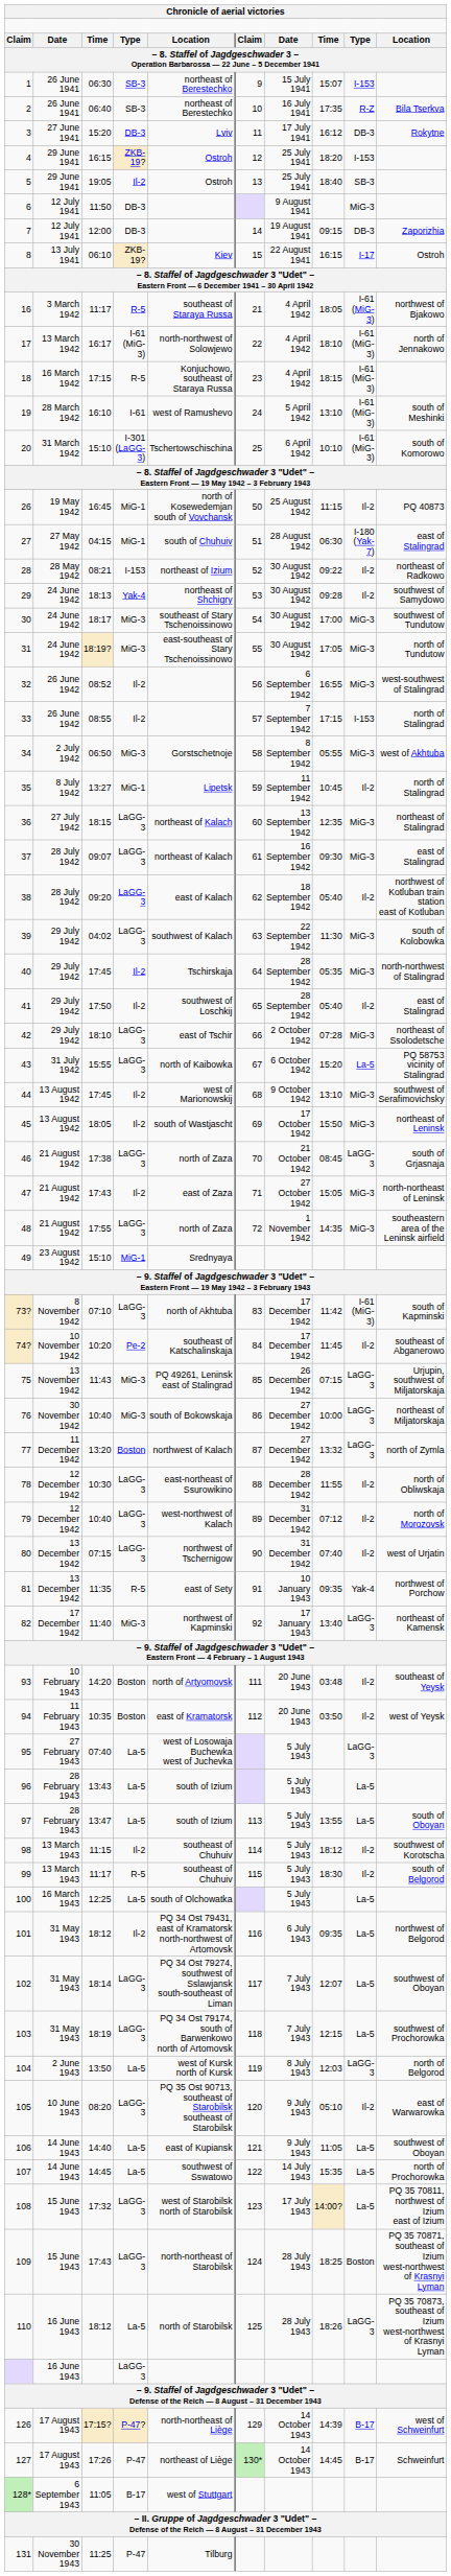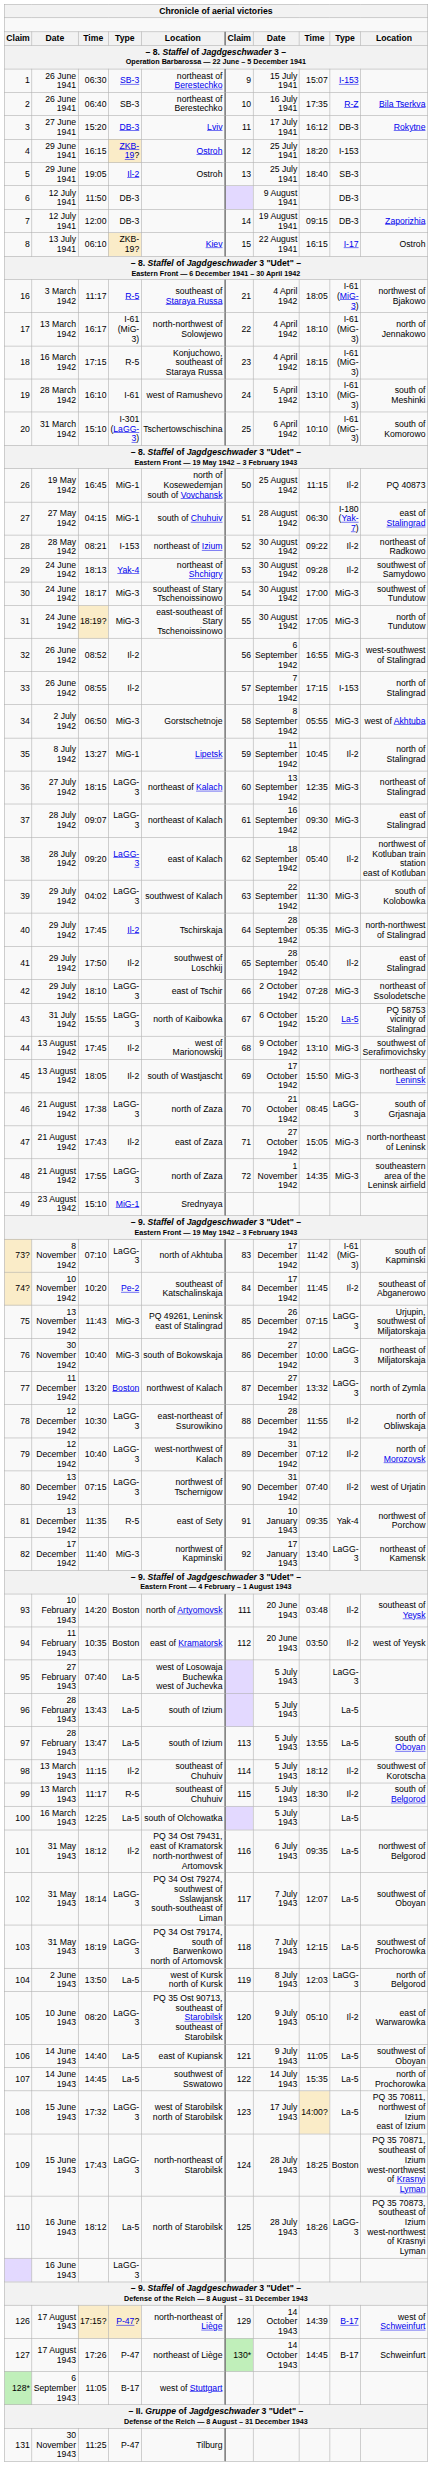 <table class="wikitable plainrowheaders collapsible" style="margin-left: auto; margin-right: auto; border: none; text-align:right; width: 100%;">
 <tr>
 <th colspan="10">Chronicle of aerial victories</th>
 </tr>
 <tr>
 <td colspan="10" style="text-align: left;"><br>  </td>
 </tr>
 <tr>
 <th scope="col">Claim</th>
 <th scope="col">Date</th>
 <th scope="col">Time</th>
 <th scope="col" width="100px">Type</th>
 <th scope="col">Location</th>
 <th scope="col" style="border-left: 3px solid grey;">Claim</th>
 <th scope="col">Date</th>
 <th scope="col">Time</th>
 <th scope="col" width="100px">Type</th>
 <th scope="col">Location</th>
 </tr>
 <tr>
 <th colspan="10">– 8. <em>Staffel</em> of <em>Jagdgeschwader</em> 3 –<br><small>Operation Barbarossa — 22 June – 5 December 1941</small></th>
 </tr>
 <tr>
 <td>1</td>
 <td>26 June 1941</td>
 <td>06:30</td>
 <td><a href='#'>SB-3</a></td>
 <td>northeast of <a href='#'>Berestechko</a></td>
 <td style="border-left: 3px solid grey;">9</td>
 <td>15 July 1941</td>
 <td>15:07</td>
 <td><a href='#'>I-153</a></td>
 <td></td>
 </tr>
 <tr>
 <td>2</td>
 <td>26 June 1941</td>
 <td>06:40</td>
 <td>SB-3</td>
 <td>northeast of Berestechko</td>
 <td style="border-left: 3px solid grey;">10</td>
 <td>16 July 1941</td>
 <td>17:35</td>
 <td><a href='#'>R-Z</a></td>
 <td><a href='#'>Bila Tserkva</a></td>
 </tr>
 <tr>
 <td>3</td>
 <td>27 June 1941</td>
 <td>15:20</td>
 <td><a href='#'>DB-3</a></td>
 <td><a href='#'>Lviv</a></td>
 <td style="border-left: 3px solid grey;">11</td>
 <td>17 July 1941</td>
 <td>16:12</td>
 <td>DB-3</td>
 <td><a href='#'>Rokytne</a></td>
 </tr>
 <tr>
 <td>4</td>
 <td>29 June 1941</td>
 <td>16:15</td>
 <td style="background:#faecc8"><a href='#'>ZKB-19</a>?</td>
 <td><a href='#'>Ostroh</a></td>
 <td style="border-left: 3px solid grey;">12</td>
 <td>25 July 1941</td>
 <td>18:20</td>
 <td>I-153</td>
 <td></td>
 </tr>
 <tr>
 <td>5</td>
 <td>29 June 1941</td>
 <td>19:05</td>
 <td><a href='#'>Il-2</a></td>
 <td>Ostroh</td>
 <td style="border-left: 3px solid grey;">13</td>
 <td>25 July 1941</td>
 <td>18:40</td>
 <td>SB-3</td>
 <td></td>
 </tr>
 <tr>
 <td>6</td>
 <td>12 July 1941</td>
 <td>11:50</td>
 <td>DB-3</td>
 <td></td>
 <td style="border-left: 3px solid grey; background:#e3d9ff;"></td>
 <td>9 August 1941</td>
 <td></td>
-<td>MiG-3</td>
+<td>DB-3</td>
 <td></td>
 </tr>
 <tr>
 <td>7</td>
 <td>12 July 1941</td>
 <td>12:00</td>
 <td>DB-3</td>
 <td></td>
 <td style="border-left: 3px solid grey;">14</td>
 <td>19 August 1941</td>
 <td>09:15</td>
 <td>DB-3</td>
 <td><a href='#'>Zaporizhia</a></td>
 </tr>
 <tr>
 <td>8</td>
 <td>13 July 1941</td>
 <td>06:10</td>
 <td style="background:#faecc8">ZKB-19?</td>
 <td><a href='#'>Kiev</a></td>
 <td style="border-left: 3px solid grey;">15</td>
 <td>22 August 1941</td>
 <td>16:15</td>
 <td><a href='#'>I-17</a></td>
 <td>Ostroh</td>
 </tr>
 <tr>
 <th colspan="10">– 8. <em>Staffel</em> of <em>Jagdgeschwader</em> 3 "Udet" –<br><small>Eastern Front — 6 December 1941 – 30 April 1942</small></th>
 </tr>
 <tr>
 <td>16</td>
 <td>3 March 1942</td>
 <td>11:17</td>
 <td><a href='#'>R-5</a></td>
 <td>southeast of <a href='#'>Staraya Russa</a></td>
 <td style="border-left: 3px solid grey;">21</td>
 <td>4 April 1942</td>
 <td>18:05</td>
 <td>I-61 (<a href='#'>MiG-3</a>)</td>
 <td> northwest of Bjakowo</td>
 </tr>
 <tr>
 <td>17</td>
 <td>13 March 1942</td>
 <td>16:17</td>
 <td>I-61 (MiG-3)</td>
 <td> north-northwest of Solowjewo</td>
 <td style="border-left: 3px solid grey;">22</td>
 <td>4 April 1942</td>
 <td>18:10</td>
 <td>I-61 (MiG-3)</td>
 <td> north of Jennakowo</td>
 </tr>
 <tr>
 <td>18</td>
 <td>16 March 1942</td>
 <td>17:15</td>
 <td>R-5</td>
 <td>Konjuchowo, southeast of Staraya Russa</td>
 <td style="border-left: 3px solid grey;">23</td>
 <td>4 April 1942</td>
 <td>18:15</td>
 <td>I-61 (MiG-3)</td>
 <td></td>
 </tr>
 <tr>
 <td>19</td>
 <td>28 March 1942</td>
 <td>16:10</td>
 <td>I-61</td>
 <td> west of Ramushevo</td>
 <td style="border-left: 3px solid grey;">24</td>
 <td>5 April 1942</td>
 <td>13:10</td>
 <td>I-61 (MiG-3)</td>
 <td> south of Meshinki</td>
 </tr>
 <tr>
 <td>20</td>
 <td>31 March 1942</td>
 <td>15:10</td>
 <td>I-301 (<a href='#'>LaGG-3</a>)</td>
 <td>Tschertowschischina</td>
 <td style="border-left: 3px solid grey;">25</td>
 <td>6 April 1942</td>
 <td>10:10</td>
 <td>I-61 (MiG-3)</td>
 <td> south of Komorowo</td>
 </tr>
 <tr>
 <th colspan="10">– 8. <em>Staffel</em> of <em>Jagdgeschwader</em> 3 "Udet" –<br><small>Eastern Front — 19 May 1942 – 3 February 1943</small></th>
 </tr>
 <tr>
 <td>26</td>
 <td>19 May 1942</td>
 <td>16:45</td>
 <td>MiG-1</td>
 <td>north of Kosewedemjan<br> south of <a href='#'>Vovchansk</a></td>
 <td style="border-left: 3px solid grey;">50</td>
 <td>25 August 1942</td>
 <td>11:15</td>
 <td>Il-2</td>
 <td>PQ 40873</td>
 </tr>
 <tr>
 <td>27</td>
 <td>27 May 1942</td>
 <td>04:15</td>
 <td>MiG-1</td>
 <td> south of <a href='#'>Chuhuiv</a></td>
 <td style="border-left: 3px solid grey;">51</td>
 <td>28 August 1942</td>
 <td>06:30</td>
 <td>I-180 (<a href='#'>Yak-7</a>)</td>
 <td>east of <a href='#'>Stalingrad</a></td>
 </tr>
 <tr>
 <td>28</td>
 <td>28 May 1942</td>
 <td>08:21</td>
 <td>I-153</td>
 <td>northeast of <a href='#'>Izium</a></td>
 <td style="border-left: 3px solid grey;">52</td>
 <td>30 August 1942</td>
 <td>09:22</td>
 <td>Il-2</td>
 <td>northeast of Radkowo</td>
 </tr>
 <tr>
 <td>29</td>
 <td>24 June 1942</td>
 <td>18:13</td>
 <td><a href='#'>Yak-4</a></td>
 <td>northeast of <a href='#'>Shchigry</a></td>
 <td style="border-left: 3px solid grey;">53</td>
 <td>30 August 1942</td>
 <td>09:28</td>
 <td>Il-2</td>
 <td>southwest of Samydowo</td>
 </tr>
 <tr>
 <td>30</td>
 <td>24 June 1942</td>
 <td>18:17</td>
 <td>MiG-3</td>
 <td>southeast of Stary Tschenoissinowo</td>
 <td style="border-left: 3px solid grey;">54</td>
 <td>30 August 1942</td>
 <td>17:00</td>
 <td>MiG-3</td>
 <td>southwest of Tundutow</td>
 </tr>
 <tr>
 <td>31</td>
 <td>24 June 1942</td>
 <td style="background:#faecc8">18:19?</td>
 <td>MiG-3</td>
 <td>east-southeast of Stary Tschenoissinowo</td>
 <td style="border-left: 3px solid grey;">55</td>
 <td>30 August 1942</td>
 <td>17:05</td>
 <td>MiG-3</td>
 <td>north of Tundutow</td>
 </tr>
 <tr>
 <td>32</td>
 <td>26 June 1942</td>
 <td>08:52</td>
 <td>Il-2</td>
 <td></td>
 <td style="border-left: 3px solid grey;">56</td>
 <td>6 September 1942</td>
 <td>16:55</td>
 <td>MiG-3</td>
 <td> west-southwest of Stalingrad</td>
 </tr>
 <tr>
 <td>33</td>
 <td>26 June 1942</td>
 <td>08:55</td>
 <td>Il-2</td>
 <td></td>
 <td style="border-left: 3px solid grey;">57</td>
 <td>7 September 1942</td>
 <td>17:15</td>
 <td>I-153</td>
 <td> north of Stalingrad</td>
 </tr>
 <tr>
 <td>34</td>
 <td>2 July 1942</td>
 <td>06:50</td>
 <td>MiG-3</td>
 <td>Gorstschetnoje</td>
 <td style="border-left: 3px solid grey;">58</td>
 <td>8 September 1942</td>
 <td>05:55</td>
 <td>MiG-3</td>
 <td> west of <a href='#'>Akhtuba</a></td>
 </tr>
 <tr>
 <td>35</td>
 <td>8 July 1942</td>
 <td>13:27</td>
 <td>MiG-1</td>
 <td><a href='#'>Lipetsk</a></td>
 <td style="border-left: 3px solid grey;">59</td>
 <td>11 September 1942</td>
 <td>10:45</td>
 <td>Il-2</td>
 <td> north of Stalingrad</td>
 </tr>
 <tr>
 <td>36</td>
 <td>27 July 1942</td>
 <td>18:15</td>
 <td>LaGG-3</td>
 <td>northeast of <a href='#'>Kalach</a></td>
 <td style="border-left: 3px solid grey;">60</td>
 <td>13 September 1942</td>
 <td>12:35</td>
 <td>MiG-3</td>
 <td> northeast of Stalingrad</td>
 </tr>
 <tr>
 <td>37</td>
 <td>28 July 1942</td>
 <td>09:07</td>
 <td>LaGG-3</td>
 <td>northeast of Kalach</td>
 <td style="border-left: 3px solid grey;">61</td>
 <td>16 September 1942</td>
 <td>09:30</td>
 <td>MiG-3</td>
 <td> east of Stalingrad</td>
 </tr>
 <tr>
 <td>38</td>
 <td>28 July 1942</td>
 <td>09:20</td>
 <td><a href='#'>LaGG-3</a></td>
 <td>east of Kalach</td>
 <td style="border-left: 3px solid grey;">62</td>
 <td>18 September 1942</td>
 <td>05:40</td>
 <td>Il-2</td>
 <td> northwest of Kotluban train station<br> east of Kotluban</td>
 </tr>
 <tr>
 <td>39</td>
 <td>29 July 1942</td>
 <td>04:02</td>
 <td>LaGG-3</td>
 <td>southwest of Kalach</td>
 <td style="border-left: 3px solid grey;">63</td>
 <td>22 September 1942</td>
 <td>11:30</td>
 <td>MiG-3</td>
 <td>south of Kolobowka</td>
 </tr>
 <tr>
 <td>40</td>
 <td>29 July 1942</td>
 <td>17:45</td>
 <td><a href='#'>Il-2</a></td>
 <td>Tschirskaja</td>
 <td style="border-left: 3px solid grey;">64</td>
 <td>28 September 1942</td>
 <td>05:35</td>
 <td>MiG-3</td>
 <td> north-northwest of Stalingrad</td>
 </tr>
 <tr>
 <td>41</td>
 <td>29 July 1942</td>
 <td>17:50</td>
 <td>Il-2</td>
 <td>southwest of Loschkij</td>
 <td style="border-left: 3px solid grey;">65</td>
 <td>28 September 1942</td>
 <td>05:40</td>
 <td>Il-2</td>
 <td> east of Stalingrad</td>
 </tr>
 <tr>
 <td>42</td>
 <td>29 July 1942</td>
 <td>18:10</td>
 <td>LaGG-3</td>
 <td>east of Tschir</td>
 <td style="border-left: 3px solid grey;">66</td>
 <td>2 October 1942</td>
 <td>07:28</td>
 <td>MiG-3</td>
 <td> northeast of Ssolodetsche</td>
 </tr>
 <tr>
 <td>43</td>
 <td>31 July 1942</td>
 <td>15:55</td>
 <td>LaGG-3</td>
 <td>north of Kaibowka</td>
 <td style="border-left: 3px solid grey;">67</td>
 <td>6 October 1942</td>
 <td>15:20</td>
 <td><a href='#'>La-5</a></td>
 <td>PQ 58753<br>vicinity of Stalingrad</td>
 </tr>
 <tr>
 <td>44</td>
 <td>13 August 1942</td>
 <td>17:45</td>
 <td>Il-2</td>
 <td>west of Marionowskij</td>
 <td style="border-left: 3px solid grey;">68</td>
 <td>9 October 1942</td>
 <td>13:10</td>
 <td>MiG-3</td>
 <td> southwest of Serafimovichsky</td>
 </tr>
 <tr>
 <td>45</td>
 <td>13 August 1942</td>
 <td>18:05</td>
 <td>Il-2</td>
 <td>south of Wastjascht</td>
 <td style="border-left: 3px solid grey;">69</td>
 <td>17 October 1942</td>
 <td>15:50</td>
 <td>MiG-3</td>
 <td> northeast of <a href='#'>Leninsk</a></td>
 </tr>
 <tr>
 <td>46</td>
 <td>21 August 1942</td>
 <td>17:38</td>
 <td>LaGG-3</td>
 <td>north of Zaza</td>
 <td style="border-left: 3px solid grey;">70</td>
 <td>21 October 1942</td>
 <td>08:45</td>
 <td>LaGG-3</td>
 <td> south of Grjasnaja</td>
 </tr>
 <tr>
 <td>47</td>
 <td>21 August 1942</td>
 <td>17:43</td>
 <td>Il-2</td>
 <td>east of Zaza</td>
 <td style="border-left: 3px solid grey;">71</td>
 <td>27 October 1942</td>
 <td>15:05</td>
 <td>MiG-3</td>
 <td> north-northeast of Leninsk</td>
 </tr>
 <tr>
 <td>48</td>
 <td>21 August 1942</td>
 <td>17:55</td>
 <td>LaGG-3</td>
 <td>north of Zaza</td>
 <td style="border-left: 3px solid grey;">72</td>
 <td>1 November 1942</td>
 <td>14:35</td>
 <td>MiG-3</td>
 <td>southeastern area of the Leninsk airfield</td>
 </tr>
 <tr>
 <td>49</td>
 <td>23 August 1942</td>
 <td>15:10</td>
 <td><a href='#'>MiG-1</a></td>
 <td>Srednyaya</td>
 <td style="border-left: 3px solid grey;"></td>
 <td></td>
 <td></td>
 <td></td>
 <td></td>
 </tr>
 <tr>
 <th colspan="10">– 9. <em>Staffel</em> of <em>Jagdgeschwader</em> 3 "Udet" –<br><small>Eastern Front — 19 May 1942 – 3 February 1943</small></th>
 </tr>
 <tr>
 <td style="background:#faecc8">73?<br></td>
 <td>8 November 1942</td>
 <td>07:10</td>
 <td>LaGG-3</td>
 <td> north of Akhtuba</td>
 <td style="border-left: 3px solid grey;">83</td>
 <td>17 December 1942</td>
 <td>11:42</td>
 <td>I-61 (MiG-3)</td>
 <td> south of Kapminski</td>
 </tr>
 <tr>
 <td style="background:#faecc8">74?<br></td>
 <td>10 November 1942</td>
 <td>10:20</td>
 <td><a href='#'>Pe-2</a></td>
 <td> southeast of Katschalinskaja</td>
 <td style="border-left: 3px solid grey;">84</td>
 <td>17 December 1942</td>
 <td>11:45</td>
 <td>Il-2</td>
 <td> southeast of Abganerowo</td>
 </tr>
 <tr>
 <td>75</td>
 <td>13 November 1942</td>
 <td>11:43</td>
 <td>MiG-3</td>
 <td>PQ 49261, Leninsk<br> east of Stalingrad</td>
 <td style="border-left: 3px solid grey;">85</td>
 <td>26 December 1942</td>
 <td>07:15</td>
 <td>LaGG-3</td>
 <td>Urjupin,  southwest of Miljatorskaja</td>
 </tr>
 <tr>
 <td>76</td>
 <td>30 November 1942</td>
 <td>10:40</td>
 <td>MiG-3</td>
 <td> south of Bokowskaja</td>
 <td style="border-left: 3px solid grey;">86</td>
 <td>27 December 1942</td>
 <td>10:00</td>
 <td>LaGG-3</td>
 <td> northeast of Miljatorskaja</td>
 </tr>
 <tr>
 <td>77</td>
 <td>11 December 1942</td>
 <td>13:20</td>
 <td><a href='#'>Boston</a></td>
 <td> northwest of Kalach</td>
 <td style="border-left: 3px solid grey;">87</td>
 <td>27 December 1942</td>
 <td>13:32</td>
 <td>LaGG-3</td>
 <td> north of Zymla</td>
 </tr>
 <tr>
 <td>78</td>
 <td>12 December 1942</td>
 <td>10:30</td>
 <td>LaGG-3</td>
 <td> east-northeast of Ssurowikino</td>
 <td style="border-left: 3px solid grey;">88</td>
 <td>28 December 1942</td>
 <td>11:55</td>
 <td>Il-2</td>
 <td> north of Obliwskaja</td>
 </tr>
 <tr>
 <td>79</td>
 <td>12 December 1942</td>
 <td>10:40</td>
 <td>LaGG-3</td>
 <td> west-northwest of Kalach</td>
 <td style="border-left: 3px solid grey;">89</td>
 <td>31 December 1942</td>
 <td>07:12</td>
 <td>Il-2</td>
 <td>north of <a href='#'>Morozovsk</a></td>
 </tr>
 <tr>
 <td>80</td>
 <td>13 December 1942</td>
 <td>07:15</td>
 <td>LaGG-3</td>
 <td> northwest of Tschernigow</td>
 <td style="border-left: 3px solid grey;">90</td>
 <td>31 December 1942</td>
 <td>07:40</td>
 <td>Il-2</td>
 <td> west of Urjatin</td>
 </tr>
 <tr>
 <td>81</td>
 <td>13 December 1942</td>
 <td>11:35</td>
 <td>R-5</td>
 <td> east of Sety</td>
 <td style="border-left: 3px solid grey;">91</td>
 <td>10 January 1943</td>
 <td>09:35</td>
 <td>Yak-4</td>
 <td> northwest of Porchow</td>
 </tr>
 <tr>
 <td>82</td>
 <td>17 December 1942</td>
 <td>11:40</td>
 <td>MiG-3</td>
 <td> northwest of Kapminski</td>
 <td style="border-left: 3px solid grey;">92</td>
 <td>17 January 1943</td>
 <td>13:40</td>
 <td>LaGG-3</td>
 <td> northeast of Kamensk</td>
 </tr>
 <tr>
 <th colspan="10">– 9. <em>Staffel</em> of <em>Jagdgeschwader</em> 3 "Udet" –<br><small>Eastern Front — 4 February – 1 August 1943</small></th>
 </tr>
 <tr>
 <td>93</td>
 <td>10 February 1943</td>
 <td>14:20</td>
 <td>Boston</td>
 <td> north of <a href='#'>Artyomovsk</a></td>
 <td style="border-left: 3px solid grey;">111</td>
 <td>20 June 1943</td>
 <td>03:48</td>
 <td>Il-2</td>
 <td>southeast of <a href='#'>Yeysk</a></td>
 </tr>
 <tr>
 <td>94</td>
 <td>11 February 1943</td>
 <td>10:35</td>
 <td>Boston</td>
 <td> east of <a href='#'>Kramatorsk</a></td>
 <td style="border-left: 3px solid grey;">112</td>
 <td>20 June 1943</td>
 <td>03:50</td>
 <td>Il-2</td>
 <td>west of Yeysk</td>
 </tr>
 <tr>
 <td>95</td>
 <td>27 February 1943</td>
 <td>07:40</td>
 <td>La-5</td>
 <td> west of Losowaja Buchewka<br> west of Juchevka</td>
 <td style="border-left: 3px solid grey; background:#e3d9ff;"></td>
 <td>5 July 1943</td>
 <td></td>
 <td>LaGG-3</td>
 <td></td>
 </tr>
 <tr>
 <td>96</td>
 <td>28 February 1943</td>
 <td>13:43</td>
 <td>La-5</td>
 <td> south of Izium</td>
 <td style="border-left: 3px solid grey; background:#e3d9ff;"></td>
 <td>5 July 1943</td>
 <td></td>
 <td>La-5</td>
 <td></td>
 </tr>
 <tr>
 <td>97</td>
 <td>28 February 1943</td>
 <td>13:47</td>
 <td>La-5</td>
 <td> south of Izium</td>
 <td style="border-left: 3px solid grey;">113</td>
 <td>5 July 1943</td>
 <td>13:55</td>
 <td>La-5</td>
 <td>south of <a href='#'>Oboyan</a></td>
 </tr>
 <tr>
 <td>98</td>
 <td>13 March 1943</td>
 <td>11:15</td>
 <td>Il-2</td>
 <td> southeast of Chuhuiv</td>
 <td style="border-left: 3px solid grey;">114</td>
 <td>5 July 1943</td>
 <td>18:12</td>
 <td>Il-2</td>
 <td>southwest of Korotscha</td>
 </tr>
 <tr>
 <td>99</td>
 <td>13 March 1943</td>
 <td>11:17</td>
 <td>R-5</td>
 <td> southeast of Chuhuiv</td>
 <td style="border-left: 3px solid grey;">115</td>
 <td>5 July 1943</td>
 <td>18:30</td>
 <td>Il-2</td>
 <td>south of <a href='#'>Belgorod</a></td>
 </tr>
 <tr>
 <td>100</td>
 <td>16 March 1943</td>
 <td>12:25</td>
 <td>La-5</td>
 <td> south of Olchowatka</td>
 <td style="border-left: 3px solid grey; background:#e3d9ff;"></td>
 <td>5 July 1943</td>
 <td></td>
 <td>La-5</td>
 <td></td>
 </tr>
 <tr>
 <td>101</td>
 <td>31 May 1943</td>
 <td>18:12</td>
 <td>Il-2</td>
 <td>PQ 34 Ost 79431, east of Kramatorsk<br> north-northwest of Artomovsk</td>
 <td style="border-left: 3px solid grey;">116</td>
 <td>6 July 1943</td>
 <td>09:35</td>
 <td>La-5</td>
 <td>northwest of Belgorod</td>
 </tr>
 <tr>
 <td>102</td>
 <td>31 May 1943</td>
 <td>18:14</td>
 <td>LaGG-3</td>
 <td>PQ 34 Ost 79274, southwest of Sslawjansk<br> south-southeast of Liman</td>
 <td style="border-left: 3px solid grey;">117</td>
 <td>7 July 1943</td>
 <td>12:07</td>
 <td>La-5</td>
 <td>southwest of Oboyan</td>
 </tr>
 <tr>
 <td>103</td>
 <td>31 May 1943</td>
 <td>18:19</td>
 <td>LaGG-3</td>
 <td>PQ 34 Ost 79174, south of Barwenkowo<br> north of Artomovsk</td>
 <td style="border-left: 3px solid grey;">118</td>
 <td>7 July 1943</td>
 <td>12:15</td>
 <td>La-5</td>
 <td>southwest of Prochorowka</td>
 </tr>
 <tr>
 <td>104</td>
 <td>2 June 1943</td>
 <td>13:50</td>
 <td>La-5</td>
 <td>west of Kursk<br>north of Kursk</td>
 <td style="border-left: 3px solid grey;">119</td>
 <td>8 July 1943</td>
 <td>12:03</td>
 <td>LaGG-3</td>
 <td>north of Belgorod</td>
 </tr>
 <tr>
 <td>105</td>
 <td>10 June 1943</td>
 <td>08:20</td>
 <td>LaGG-3</td>
 <td>PQ 35 Ost 90713, southeast of <a href='#'>Starobilsk</a><br> southeast of Starobilsk</td>
 <td style="border-left: 3px solid grey;">120</td>
 <td>9 July 1943</td>
 <td>05:10</td>
 <td>Il-2</td>
 <td>east of Warwarowka</td>
 </tr>
 <tr>
 <td>106</td>
 <td>14 June 1943</td>
 <td>14:40</td>
 <td>La-5</td>
 <td>east of Kupiansk</td>
 <td style="border-left: 3px solid grey;">121</td>
 <td>9 July 1943</td>
 <td>11:05</td>
 <td>La-5</td>
 <td>southwest of Oboyan</td>
 </tr>
 <tr>
 <td>107</td>
 <td>14 June 1943</td>
 <td>14:45</td>
 <td>La-5</td>
 <td>southwest of Sswatowo</td>
 <td style="border-left: 3px solid grey;">122</td>
 <td>14 July 1943</td>
 <td>15:35</td>
 <td>La-5</td>
 <td>north of Prochorowka</td>
 </tr>
 <tr>
 <td>108</td>
 <td>15 June 1943</td>
 <td>17:32</td>
 <td>LaGG-3</td>
 <td>west of Starobilsk<br>north of Starobilsk</td>
 <td style="border-left: 3px solid grey;">123</td>
 <td>17 July 1943</td>
 <td style="background:#faecc8">14:00?</td>
 <td>La-5</td>
 <td>PQ 35 70811, northwest of Izium<br> east of Izium</td>
 </tr>
 <tr>
 <td>109</td>
 <td>15 June 1943</td>
 <td>17:43</td>
 <td>LaGG-3</td>
 <td>north-northeast of Starobilsk</td>
 <td style="border-left: 3px solid grey;">124</td>
 <td>28 July 1943</td>
 <td>18:25</td>
 <td>Boston</td>
 <td>PQ 35 70871, southeast of Izium<br> west-northwest of <a href='#'>Krasnyi Lyman</a></td>
 </tr>
 <tr>
 <td>110</td>
 <td>16 June 1943</td>
 <td>18:12</td>
 <td>La-5</td>
 <td>north of Starobilsk</td>
 <td style="border-left: 3px solid grey;">125</td>
 <td>28 July 1943</td>
 <td>18:26</td>
 <td>LaGG-3</td>
 <td>PQ 35 70873, southeast of Izium<br> west-northwest of Krasnyi Lyman</td>
 </tr>
 <tr>
 <td style="background:#e3d9ff;"></td>
 <td>16 June 1943</td>
 <td></td>
 <td>LaGG-3</td>
 <td></td>
 <td style="border-left: 3px solid grey;"></td>
 <td></td>
 <td></td>
 <td></td>
 <td></td>
 </tr>
 <tr>
 <th colspan="10">– 9. <em>Staffel</em> of <em>Jagdgeschwader</em> 3 "Udet" –<br><small>Defense of the Reich — 8 August – 31 December 1943</small></th>
 </tr>
 <tr>
 <td>126</td>
 <td>17 August 1943</td>
 <td style="background:#faecc8">17:15?</td>
 <td style="background:#faecc8"><a href='#'>P-47</a>?</td>
 <td>north-northeast of <a href='#'>Liège</a></td>
 <td style="border-left: 3px solid grey;">129</td>
 <td>14 October 1943</td>
 <td>14:39</td>
 <td><a href='#'>B-17</a></td>
 <td> west of <a href='#'>Schweinfurt</a></td>
 </tr>
 <tr>
 <td>127</td>
 <td>17 August 1943</td>
 <td>17:26</td>
 <td>P-47</td>
 <td> northeast of Liège</td>
 <td style="border-left: 3px solid grey; background:#C0EFBA">130*</td>
 <td>14 October 1943</td>
 <td>14:45</td>
 <td>B-17</td>
 <td>Schweinfurt</td>
 </tr>
 <tr>
 <td style="background:#C0EFBA">128*</td>
 <td>6 September 1943</td>
 <td>11:05</td>
 <td>B-17</td>
 <td>west of <a href='#'>Stuttgart</a></td>
 <td style="border-left: 3px solid grey;"></td>
 <td></td>
 <td></td>
 <td></td>
 <td></td>
 </tr>
 <tr>
 <th colspan="10">– II. <em>Gruppe</em> of <em>Jagdgeschwader</em> 3 "Udet" –<br><small>Defense of the Reich — 8 August – 31 December 1943</small></th>
 </tr>
 <tr>
 <td>131</td>
 <td>30 November 1943</td>
 <td>11:25</td>
 <td>P-47</td>
 <td>Tilburg</td>
 <td style="border-left: 3px solid grey;"></td>
 <td></td>
 <td></td>
 <td></td>
 <td></td>
 </tr>
 </table>
